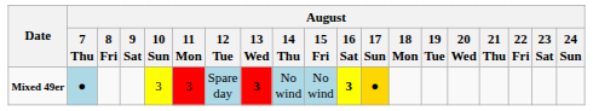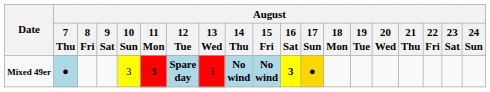 <table class="wikitable" style="margin:0.5em auto; font-size:90%; line-height:1.25em;">
 <tr>
 <th rowspan=2>Date</th>
 <th colspan=18>August</th>
 </tr>
 <tr>
 <th>7<br>Thu</th>
 <th>8<br>Fri</th>
 <th>9<br>Sat</th>
 <th>10<br>Sun</th>
 <th>11<br>Mon</th>
 <th>12<br>Tue</th>
 <th>13<br>Wed</th>
 <th>14<br>Thu</th>
 <th>15<br>Fri</th>
 <th>16<br>Sat</th>
 <th>17<br>Sun</th>
 <th>18<br>Mon</th>
 <th>19<br>Tue</th>
 <th>20<br>Wed</th>
 <th>21<br>Thu</th>
 <th>22<br>Fri</th>
 <th>23<br>Sat</th>
 <th>24<br>Sun</th>
 </tr>
 <tr align="center">
 <td align="right"><small><strong>Mixed 49er</strong></small></td>
 <td bgcolor=LightBlue><span> ● </span></td>
 <td></td>
 <td></td>
 <td bgcolor=Yellow><span> 3 </span></td>
+<td bgcolor=Red><strong><span> 3 </span></strong></td>
+<td bgcolor=LightBlue><strong><span> Spare<br>day </span></strong></td>
 <td bgcolor=Red><span> 3 </span></td>
-<td bgcolor=LightBlue><span> Spare<br>day </span></td>
-<td bgcolor=Red><strong><span> 3 </span></strong></td>
-<td bgcolor=LightBlue><span> No<br>wind </span></td>
-<td bgcolor=LightBlue><span> No<br>wind </span></td>
+<td bgcolor=LightBlue><strong><span> No<br>wind </span></strong></td>
+<td bgcolor=LightBlue><strong><span> No<br>wind </span></strong></td>
 <td bgcolor=Yellow><strong><span> 3 </span></strong></td>
 <td bgcolor=Gold><span> ● </span></td>
 <td></td>
 <td></td>
 <td></td>
 <td></td>
 <td></td>
 <td></td>
 <td></td>
 </tr>
 </table>
